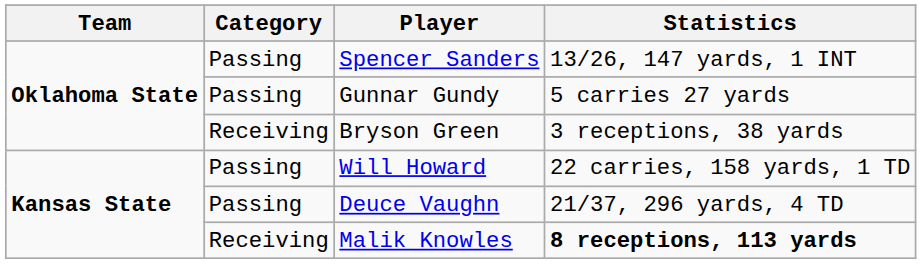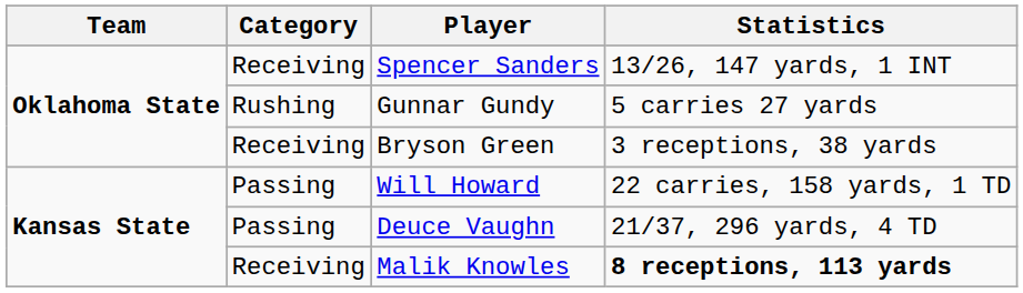 <table class="wikitable" style="float: right;">
 <tr>
 <th>Team</th>
 <th>Category</th>
 <th>Player</th>
 <th>Statistics</th>
 </tr>
 <tr>
 <td rowspan=3><strong>Oklahoma State</strong></td>
-<td>Passing</td>
+<td>Receiving</td>
 <td><a href='#'>Spencer Sanders</a></td>
 <td>13/26, 147 yards, 1 INT</td>
 </tr>
 <tr>
-<td>Passing</td>
+<td>Rushing</td>
 <td>Gunnar Gundy</td>
 <td>5 carries 27 yards</td>
 </tr>
 <tr>
 <td>Receiving</td>
 <td>Bryson Green</td>
 <td>3 receptions, 38 yards</td>
 </tr>
 <tr>
 <td rowspan=3><strong>Kansas State</strong></td>
 <td>Passing</td>
 <td><a href='#'>Will Howard</a></td>
 <td>22 carries, 158 yards, 1 TD</td>
 </tr>
 <tr>
 <td>Passing</td>
 <td><a href='#'>Deuce Vaughn</a></td>
 <td>21/37, 296 yards, 4 TD</td>
 </tr>
 <tr>
 <td>Receiving</td>
 <td><a href='#'>Malik Knowles</a></td>
 <td><strong>8 receptions, 113 yards</strong></td>
 </tr>
 </table>
